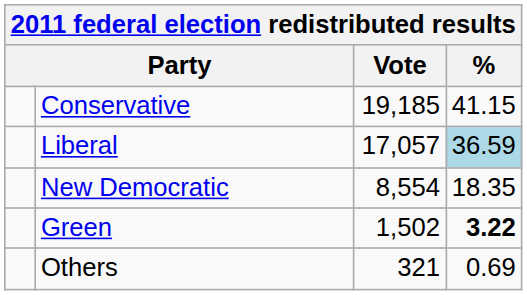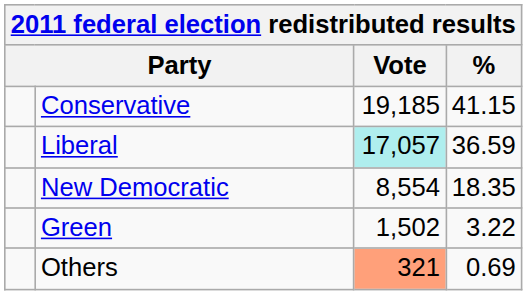 <table class="wikitable">
 <tr>
 <th colspan="4"><a href='#'>2011 federal election</a> redistributed results</th>
 </tr>
 <tr>
 <th bgcolor="#DDDDFF" width="130px" colspan="2">Party</th>
 <th bgcolor="#DDDDFF" width="50px">Vote</th>
 <th bgcolor="#DDDDFF" width="30px">%</th>
 </tr>
 <tr>
 <td> </td>
 <td><a href='#'>Conservative</a></td>
 <td align=right>19,185</td>
 <td align=right>41.15</td>
 </tr>
 <tr>
 <td> </td>
 <td><a href='#'>Liberal</a></td>
-<td align=right>17,057</td>
-<td align=right style="background: lightblue;">36.59</td>
+<td align=right style="background: paleturquoise;">17,057</td>
+<td align=right>36.59</td>
 </tr>
 <tr>
 <td> </td>
 <td><a href='#'>New Democratic</a></td>
 <td align=right>8,554</td>
 <td align=right>18.35</td>
 </tr>
 <tr>
 <td> </td>
 <td><a href='#'>Green</a></td>
 <td align=right>1,502</td>
-<td align=right><strong>3.22</strong></td>
+<td align=right>3.22</td>
 </tr>
 <tr>
 <td> </td>
 <td>Others</td>
-<td align=right>321</td>
+<td align=right style="background: lightsalmon;">321</td>
 <td align=right>0.69</td>
 </tr>
 </table>
